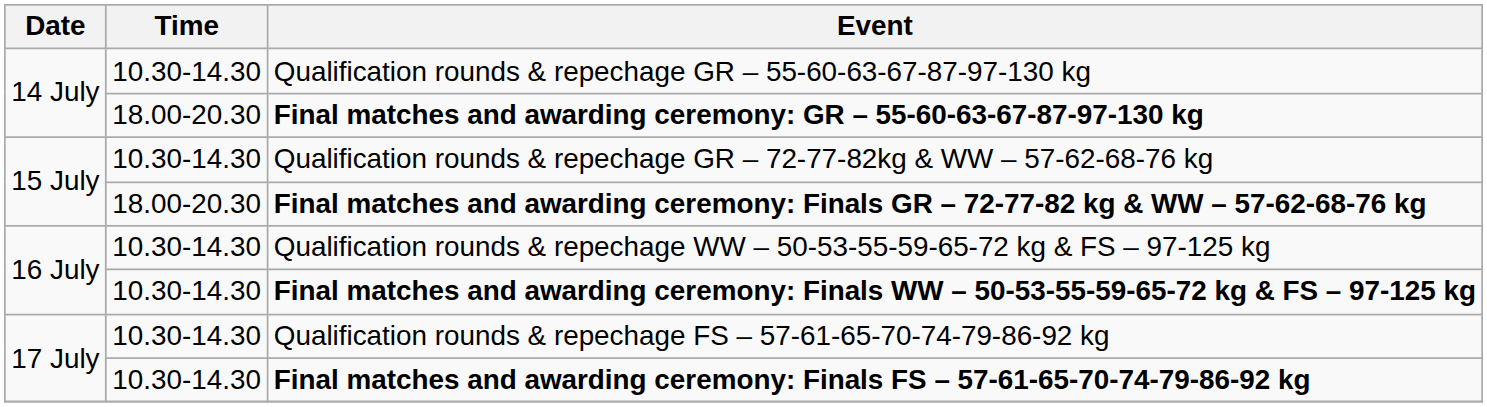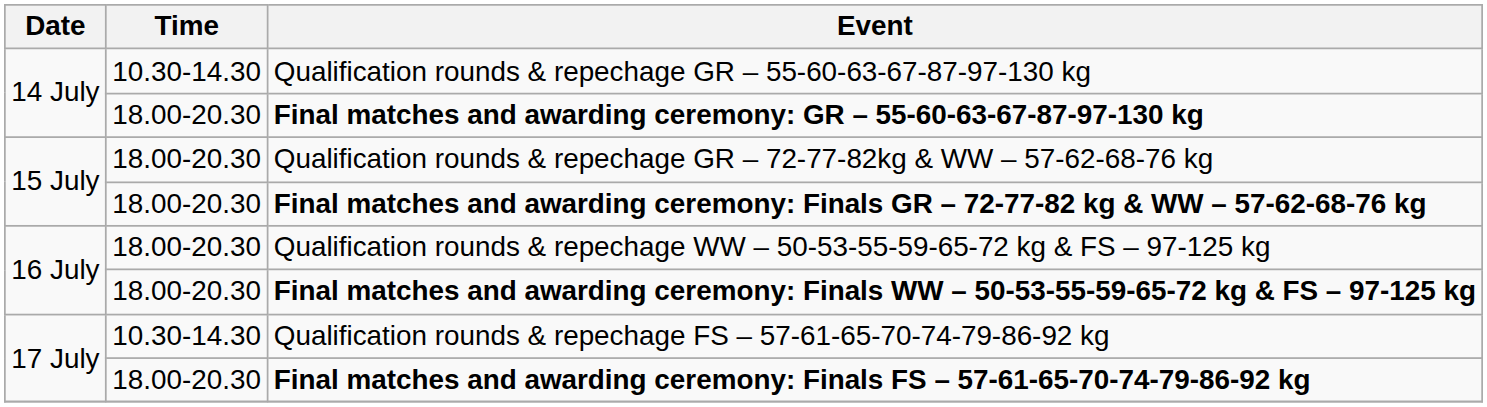 <table class=wikitable>
 <tr>
 <th>Date</th>
 <th>Time</th>
 <th>Event</th>
 </tr>
 <tr>
 <td rowspan="2">14 July</td>
 <td>10.30-14.30</td>
 <td>Qualification rounds & repechage GR – 55-60-63-67-87-97-130 kg</td>
 </tr>
 <tr>
 <td>18.00-20.30</td>
 <td><strong>Final matches and awarding ceremony: GR – 55-60-63-67-87-97-130 kg</strong></td>
 </tr>
 <tr>
 <td rowspan="2">15 July</td>
-<td>10.30-14.30</td>
+<td>18.00-20.30</td>
 <td>Qualification rounds & repechage GR – 72-77-82kg & WW – 57-62-68-76 kg</td>
 </tr>
 <tr>
 <td>18.00-20.30</td>
 <td><strong>Final matches and awarding ceremony: Finals GR – 72-77-82 kg & WW – 57-62-68-76 kg</strong></td>
 </tr>
 <tr>
 <td rowspan="2">16 July</td>
-<td>10.30-14.30</td>
+<td>18.00-20.30</td>
 <td>Qualification rounds & repechage WW – 50-53-55-59-65-72 kg & FS – 97-125 kg</td>
 </tr>
 <tr>
-<td>10.30-14.30</td>
+<td>18.00-20.30</td>
 <td><strong>Final matches and awarding ceremony: Finals WW – 50-53-55-59-65-72 kg & FS – 97-125 kg</strong></td>
 </tr>
 <tr>
 <td rowspan="2">17 July</td>
 <td>10.30-14.30</td>
 <td>Qualification rounds & repechage FS – 57-61-65-70-74-79-86-92 kg</td>
 </tr>
 <tr>
-<td>10.30-14.30</td>
+<td>18.00-20.30</td>
 <td><strong>Final matches and awarding ceremony: Finals FS – 57-61-65-70-74-79-86-92 kg</strong></td>
 </tr>
 <tr>
 </tr>
 </table>
